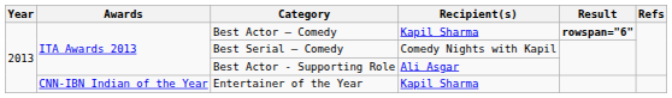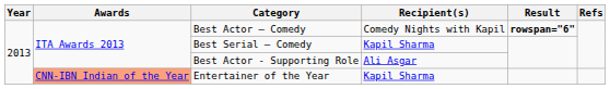 <table class="wikitable">
 <tr>
 <th>Year</th>
 <th>Awards</th>
 <th>Category</th>
 <th>Recipient(s)</th>
 <th>Result</th>
 <th>Refs</th>
 </tr>
 <tr>
 <td rowspan="5">2013</td>
 <td rowspan="3"><a href='#'>ITA Awards 2013</a></td>
 <td>Best Actor – Comedy</td>
-<td><a href='#'>Kapil Sharma</a></td>
+<td>Comedy Nights with Kapil</td>
 <td><strong>rowspan="6" </strong></td>
 <td rowspan="3"></td>
 </tr>
 <tr>
 <td>Best Serial – Comedy</td>
-<td>Comedy Nights with Kapil</td>
+<td><a href='#'>Kapil Sharma</a></td>
 </tr>
 <tr>
 <td>Best Actor - Supporting Role</td>
 <td><a href='#'>Ali Asgar</a></td>
 </tr>
 <tr>
-<td><a href='#'>CNN-IBN Indian of the Year</a></td>
+<td style="background: lightsalmon;"><a href='#'>CNN-IBN Indian of the Year</a></td>
 <td>Entertainer of the Year</td>
 <td><a href='#'>Kapil Sharma</a></td>
 <td></td>
 </tr>
 </table>
